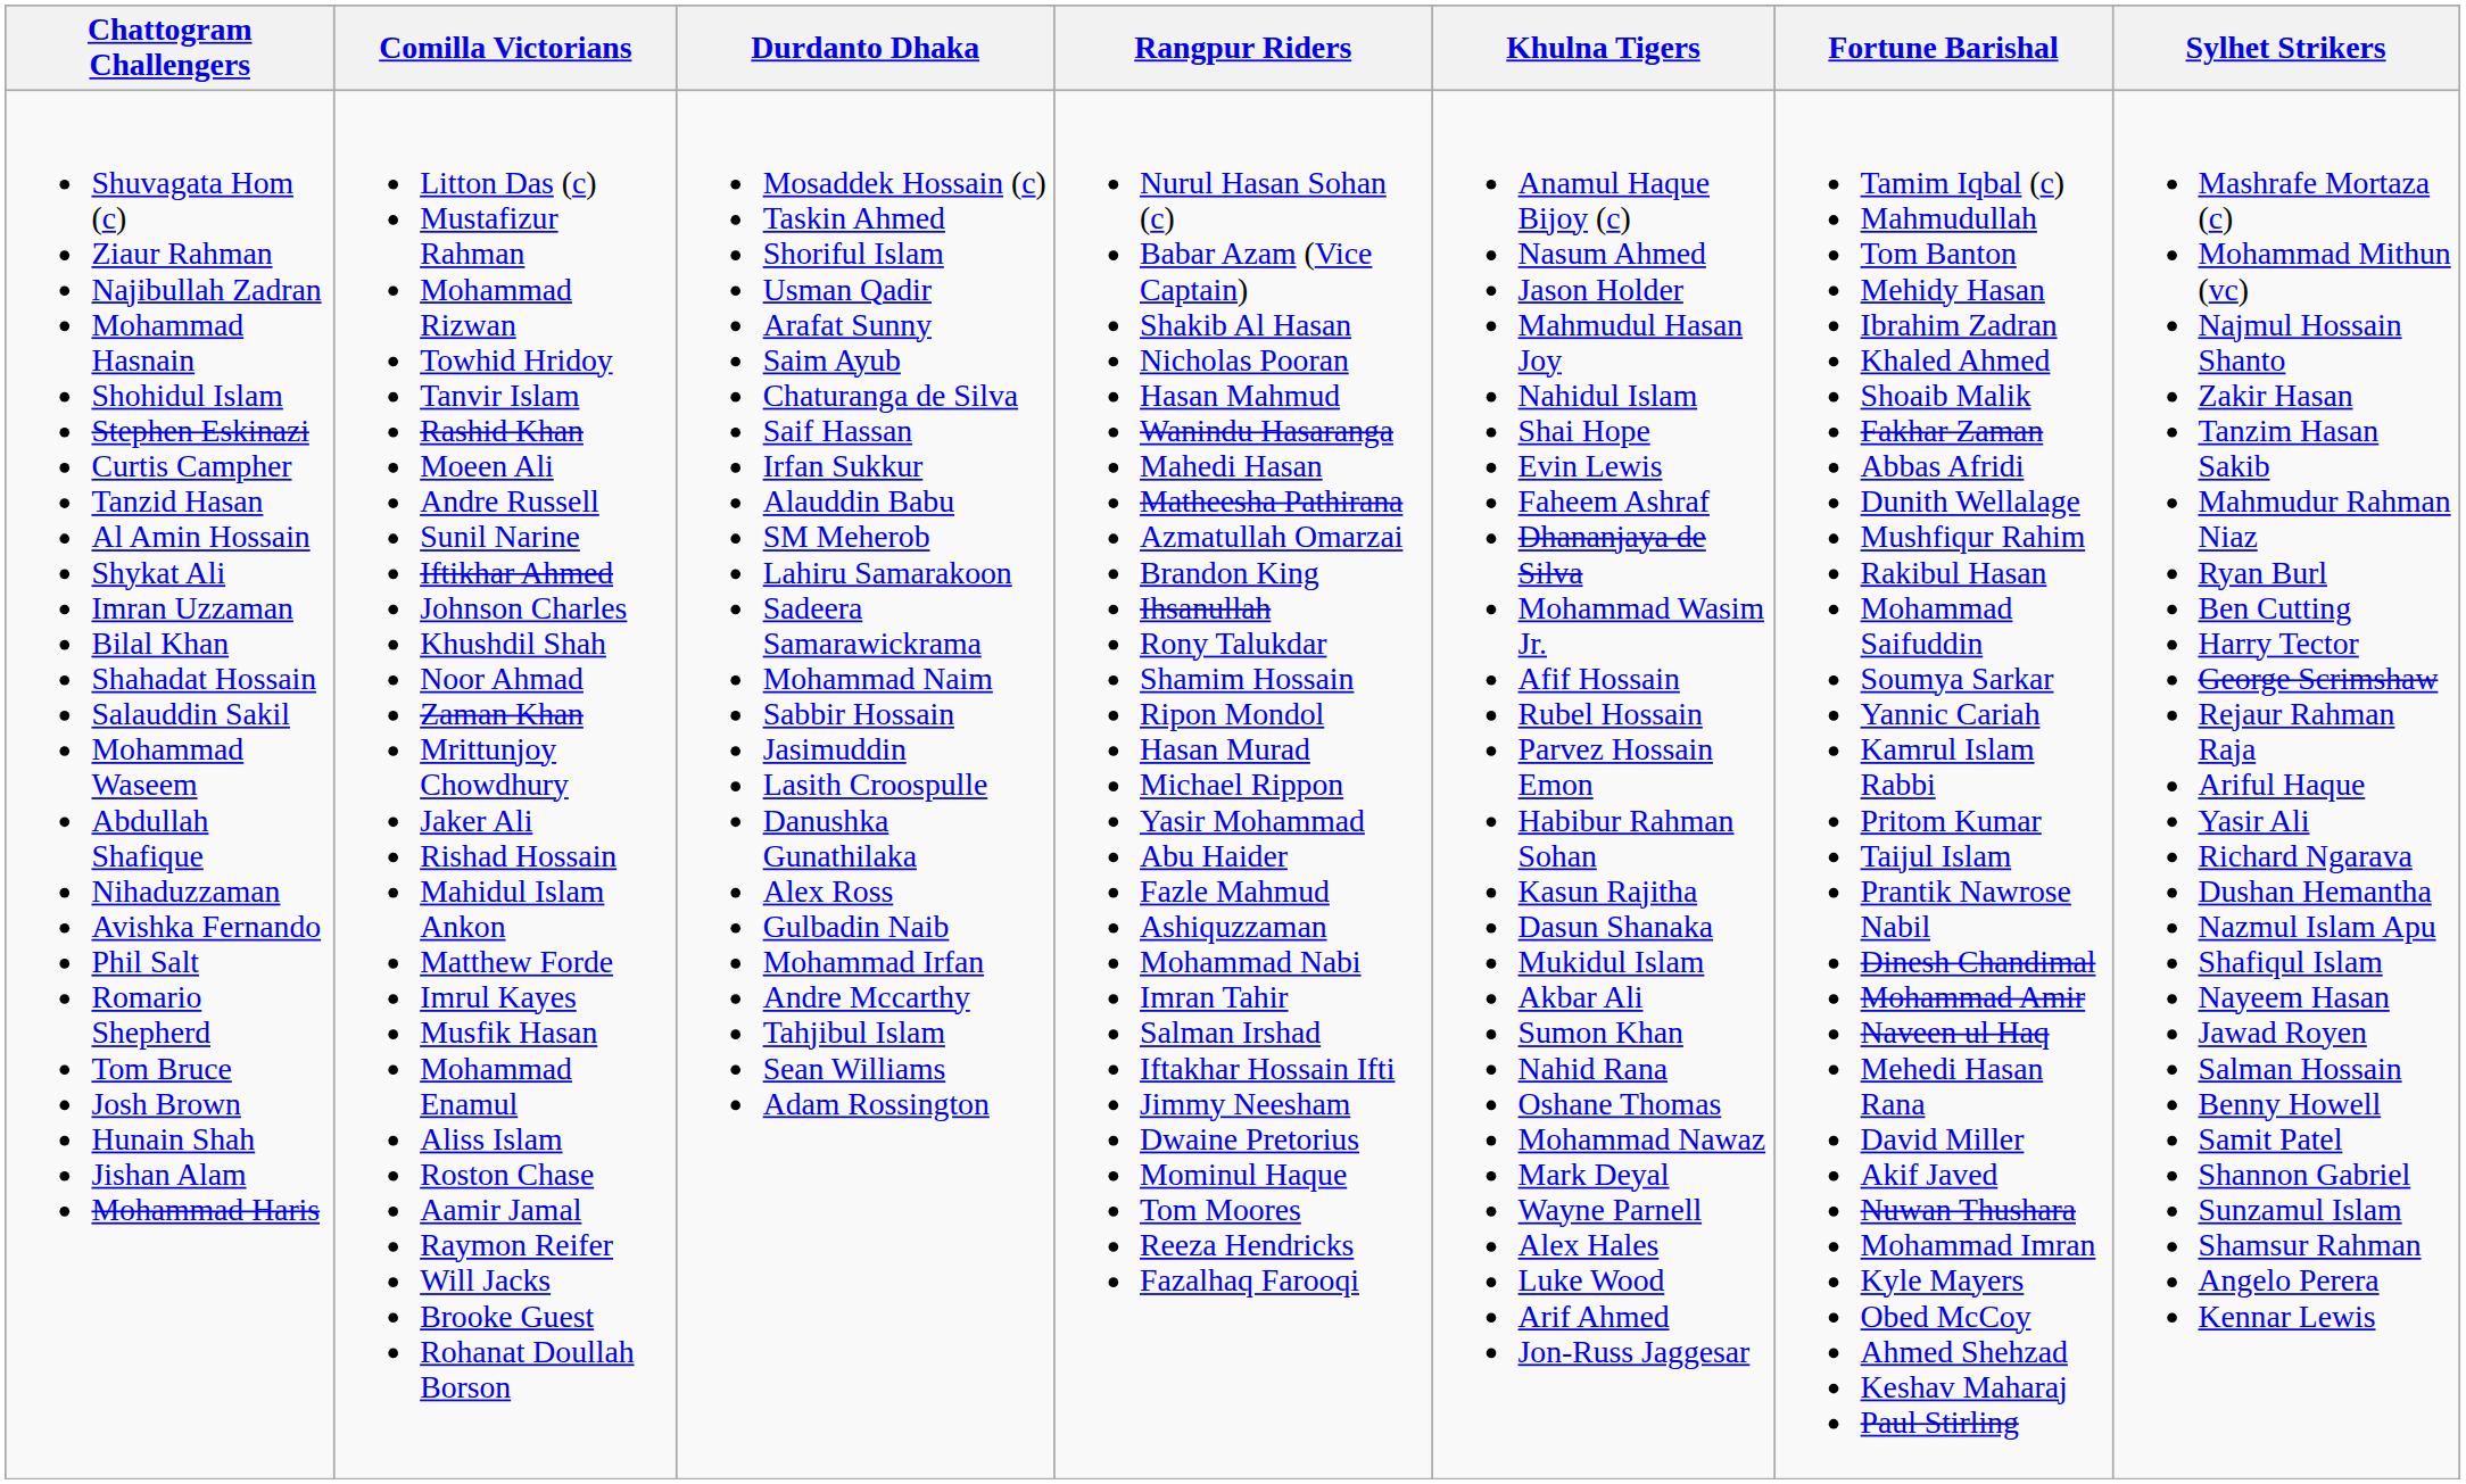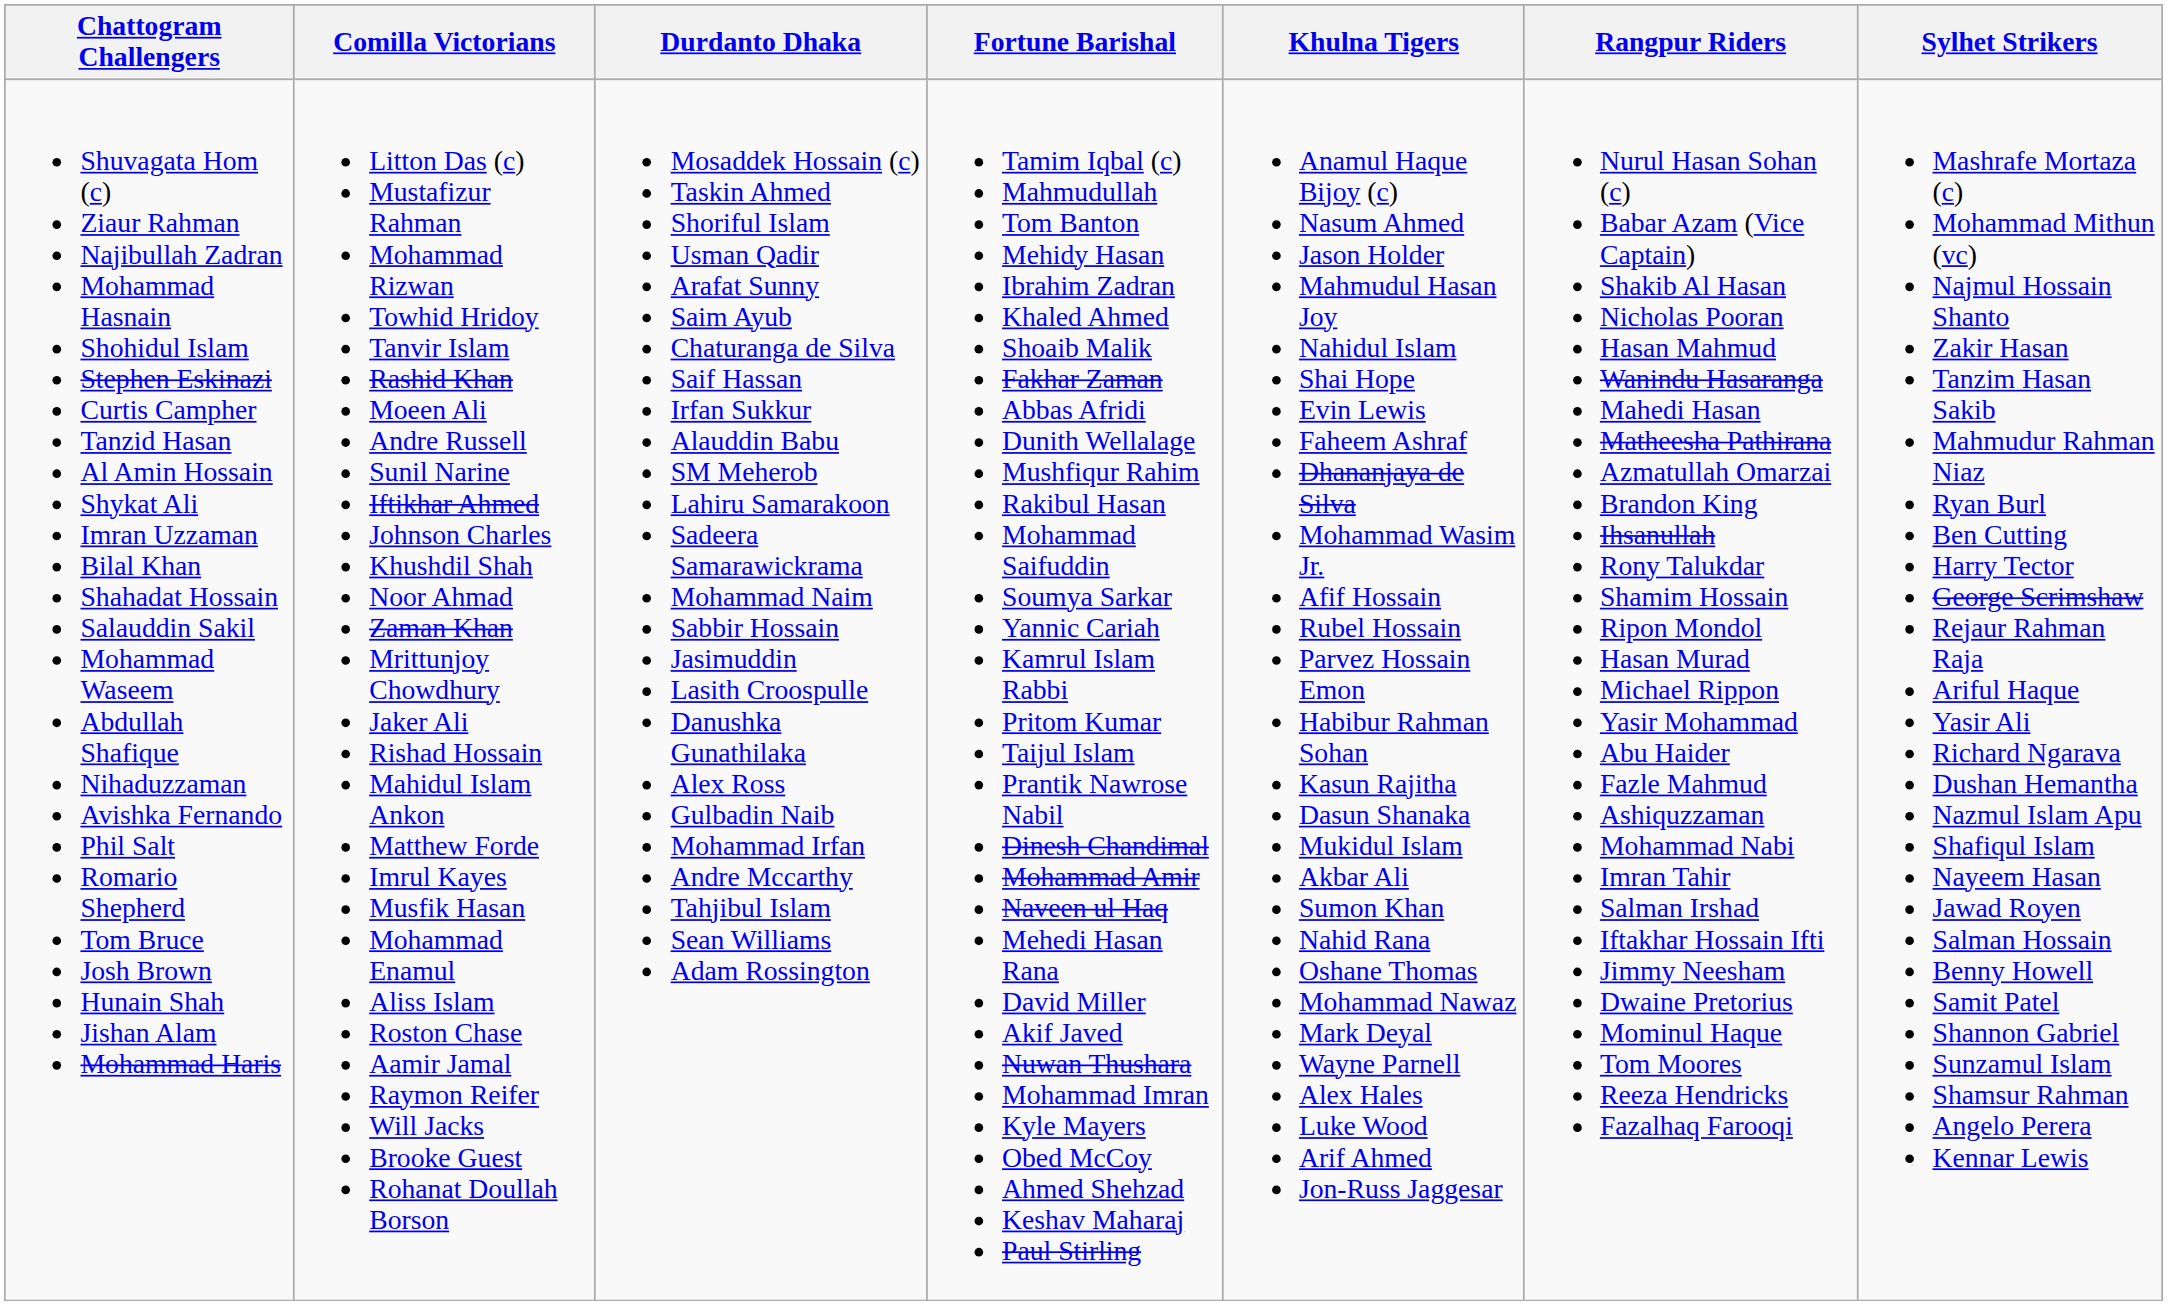 <table class="wikitable">
 <tr>
 <th><a href='#'>Chattogram Challengers</a></th>
 <th><a href='#'>Comilla Victorians</a></th>
 <th><a href='#'>Durdanto Dhaka</a></th>
+<th><a href='#'>Fortune Barishal</a></th>
+<th><a href='#'>Khulna Tigers</a></th>
 <th><a href='#'>Rangpur Riders</a></th>
-<th><a href='#'>Khulna Tigers</a></th>
-<th><a href='#'>Fortune Barishal</a></th>
 <th><a href='#'>Sylhet Strikers</a></th>
 </tr>
 <tr>
 <td valign=top><br><ul><li><a href='#'>Shuvagata Hom</a> (<a href='#'>c</a>)</li><li><a href='#'>Ziaur Rahman</a></li><li><a href='#'>Najibullah Zadran</a></li><li><a href='#'>Mohammad Hasnain</a></li><li><a href='#'>Shohidul Islam</a></li><li><a href='#'><s>Stephen Eskinazi</s></a></li><li><a href='#'>Curtis Campher</a></li><li><a href='#'>Tanzid Hasan</a></li><li><a href='#'>Al Amin Hossain</a></li><li><a href='#'>Shykat Ali</a></li><li><a href='#'>Imran Uzzaman</a></li><li><a href='#'>Bilal Khan</a></li><li><a href='#'>Shahadat Hossain</a></li><li><a href='#'>Salauddin Sakil</a></li><li><a href='#'>Mohammad Waseem</a></li><li><a href='#'>Abdullah Shafique</a></li><li><a href='#'>Nihaduzzaman</a></li><li><a href='#'>Avishka Fernando</a></li><li><a href='#'>Phil Salt</a></li><li><a href='#'>Romario Shepherd</a></li><li><a href='#'>Tom Bruce</a></li><li><a href='#'>Josh Brown</a></li><li><a href='#'>Hunain Shah</a></li><li><a href='#'>Jishan Alam</a></li><li><a href='#'><s>Mohammad Haris</s></a></li></ul></td>
 <td valign=top><br><ul><li><a href='#'>Litton Das</a> (<a href='#'>c</a>)</li><li><a href='#'>Mustafizur Rahman</a></li><li><a href='#'>Mohammad Rizwan</a></li><li><a href='#'>Towhid Hridoy</a></li><li><a href='#'>Tanvir Islam</a></li><li><a href='#'><s>Rashid Khan</s></a></li><li><a href='#'>Moeen Ali</a></li><li><a href='#'>Andre Russell</a></li><li><a href='#'>Sunil Narine</a></li><li><a href='#'><s>Iftikhar Ahmed</s></a></li><li><a href='#'>Johnson Charles</a></li><li><a href='#'>Khushdil Shah</a></li><li><a href='#'>Noor Ahmad</a></li><li><a href='#'><s>Zaman Khan</s></a></li><li><a href='#'>Mrittunjoy Chowdhury</a></li><li><a href='#'>Jaker Ali</a></li><li><a href='#'>Rishad Hossain</a></li><li><a href='#'>Mahidul Islam Ankon</a></li><li><a href='#'>Matthew Forde</a></li><li><a href='#'>Imrul Kayes</a></li><li><a href='#'>Musfik Hasan</a></li><li><a href='#'>Mohammad Enamul</a></li><li><a href='#'>Aliss Islam</a></li><li><a href='#'>Roston Chase</a></li><li><a href='#'>Aamir Jamal</a></li><li><a href='#'>Raymon Reifer</a></li><li><a href='#'>Will Jacks</a></li><li><a href='#'>Brooke Guest</a></li><li><a href='#'>Rohanat Doullah Borson</a></li></ul></td>
 <td valign=top><br><ul><li><a href='#'>Mosaddek Hossain</a> (<a href='#'>c</a>)</li><li><a href='#'>Taskin Ahmed</a></li><li><a href='#'>Shoriful Islam</a></li><li><a href='#'>Usman Qadir</a></li><li><a href='#'>Arafat Sunny</a></li><li><a href='#'>Saim Ayub</a></li><li><a href='#'>Chaturanga de Silva</a></li><li><a href='#'>Saif Hassan</a></li><li><a href='#'>Irfan Sukkur</a></li><li><a href='#'>Alauddin Babu</a></li><li><a href='#'>SM Meherob</a></li><li><a href='#'>Lahiru Samarakoon</a></li><li><a href='#'>Sadeera Samarawickrama</a></li><li><a href='#'>Mohammad Naim</a></li><li><a href='#'>Sabbir Hossain</a></li><li><a href='#'>Jasimuddin</a></li><li><a href='#'>Lasith Croospulle</a></li><li><a href='#'>Danushka Gunathilaka</a></li><li><a href='#'>Alex Ross</a></li><li><a href='#'>Gulbadin Naib</a></li><li><a href='#'>Mohammad Irfan</a></li><li><a href='#'>Andre Mccarthy</a></li><li><a href='#'>Tahjibul Islam</a></li><li><a href='#'>Sean Williams</a></li><li><a href='#'>Adam Rossington</a></li></ul></td>
+<td valign=top><br><ul><li><a href='#'>Tamim Iqbal</a> (<a href='#'>c</a>)</li><li><a href='#'>Mahmudullah</a></li><li><a href='#'>Tom Banton</a></li><li><a href='#'>Mehidy Hasan</a></li><li><a href='#'>Ibrahim Zadran</a></li><li><a href='#'>Khaled Ahmed</a></li><li><a href='#'>Shoaib Malik</a></li><li><a href='#'><s>Fakhar Zaman</s></a></li><li><a href='#'>Abbas Afridi</a></li><li><a href='#'>Dunith Wellalage</a></li><li><a href='#'>Mushfiqur Rahim</a></li><li><a href='#'>Rakibul Hasan</a></li><li><a href='#'>Mohammad Saifuddin</a></li><li><a href='#'>Soumya Sarkar</a></li><li><a href='#'>Yannic Cariah</a></li><li><a href='#'>Kamrul Islam Rabbi</a></li><li><a href='#'>Pritom Kumar</a></li><li><a href='#'>Taijul Islam</a></li><li><a href='#'>Prantik Nawrose Nabil</a></li><li><a href='#'><s>Dinesh Chandimal</s></a></li><li><a href='#'><s>Mohammad Amir</s></a></li><li><a href='#'><s>Naveen ul Haq</s></a></li><li><a href='#'>Mehedi Hasan Rana</a></li><li><a href='#'>David Miller</a></li><li><a href='#'>Akif Javed</a></li><li><a href='#'><s>Nuwan Thushara</s></a></li><li><a href='#'>Mohammad Imran</a></li><li><a href='#'>Kyle Mayers</a></li><li><a href='#'>Obed McCoy</a></li><li><a href='#'>Ahmed Shehzad</a></li><li><a href='#'>Keshav Maharaj</a></li><li><a href='#'><s>Paul Stirling</s></a></li></ul></td>
+<td valign=top><br><ul><li><a href='#'>Anamul Haque Bijoy</a> (<a href='#'>c</a>)</li><li><a href='#'>Nasum Ahmed</a></li><li><a href='#'>Jason Holder</a></li><li><a href='#'>Mahmudul Hasan Joy</a></li><li><a href='#'>Nahidul Islam</a></li><li><a href='#'>Shai Hope</a></li><li><a href='#'>Evin Lewis</a></li><li><a href='#'>Faheem Ashraf</a></li><li><a href='#'><s>Dhananjaya de Silva</s></a></li><li><a href='#'>Mohammad Wasim Jr.</a></li><li><a href='#'>Afif Hossain</a></li><li><a href='#'>Rubel Hossain</a></li><li><a href='#'>Parvez Hossain Emon</a></li><li><a href='#'>Habibur Rahman Sohan</a></li><li><a href='#'>Kasun Rajitha</a></li><li><a href='#'>Dasun Shanaka</a></li><li><a href='#'>Mukidul Islam</a></li><li><a href='#'>Akbar Ali</a></li><li><a href='#'>Sumon Khan</a></li><li><a href='#'>Nahid Rana</a></li><li><a href='#'>Oshane Thomas</a></li><li><a href='#'>Mohammad Nawaz</a></li><li><a href='#'>Mark Deyal</a></li><li><a href='#'>Wayne Parnell</a></li><li><a href='#'>Alex Hales</a></li><li><a href='#'>Luke Wood</a></li><li><a href='#'>Arif Ahmed</a></li><li><a href='#'>Jon-Russ Jaggesar</a></li></ul></td>
 <td valign=top><br><ul><li><a href='#'>Nurul Hasan Sohan</a>  (<a href='#'>c</a>)</li><li><a href='#'>Babar Azam</a> (<a href='#'>Vice Captain</a>)</li><li><a href='#'>Shakib Al Hasan</a></li><li><a href='#'>Nicholas Pooran</a></li><li><a href='#'>Hasan Mahmud</a></li><li><a href='#'><s>Wanindu Hasaranga</s></a></li><li><a href='#'>Mahedi Hasan</a></li><li><a href='#'><s>Matheesha Pathirana</s></a></li><li><a href='#'>Azmatullah Omarzai</a></li><li><a href='#'>Brandon King</a></li><li><a href='#'><s>Ihsanullah</s></a></li><li><a href='#'>Rony Talukdar</a></li><li><a href='#'>Shamim Hossain</a></li><li><a href='#'>Ripon Mondol</a></li><li><a href='#'>Hasan Murad</a></li><li><a href='#'>Michael Rippon</a></li><li><a href='#'>Yasir Mohammad</a></li><li><a href='#'>Abu Haider</a></li><li><a href='#'>Fazle Mahmud</a></li><li><a href='#'>Ashiquzzaman</a></li><li><a href='#'>Mohammad Nabi</a></li><li><a href='#'>Imran Tahir</a></li><li><a href='#'>Salman Irshad</a></li><li><a href='#'>Iftakhar Hossain Ifti</a></li><li><a href='#'>Jimmy Neesham</a></li><li><a href='#'>Dwaine Pretorius</a></li><li><a href='#'>Mominul Haque</a></li><li><a href='#'>Tom Moores</a></li><li><a href='#'>Reeza Hendricks</a></li><li><a href='#'>Fazalhaq Farooqi</a></li></ul></td>
-<td valign=top><br><ul><li><a href='#'>Anamul Haque Bijoy</a> (<a href='#'>c</a>)</li><li><a href='#'>Nasum Ahmed</a></li><li><a href='#'>Jason Holder</a></li><li><a href='#'>Mahmudul Hasan Joy</a></li><li><a href='#'>Nahidul Islam</a></li><li><a href='#'>Shai Hope</a></li><li><a href='#'>Evin Lewis</a></li><li><a href='#'>Faheem Ashraf</a></li><li><a href='#'><s>Dhananjaya de Silva</s></a></li><li><a href='#'>Mohammad Wasim Jr.</a></li><li><a href='#'>Afif Hossain</a></li><li><a href='#'>Rubel Hossain</a></li><li><a href='#'>Parvez Hossain Emon</a></li><li><a href='#'>Habibur Rahman Sohan</a></li><li><a href='#'>Kasun Rajitha</a></li><li><a href='#'>Dasun Shanaka</a></li><li><a href='#'>Mukidul Islam</a></li><li><a href='#'>Akbar Ali</a></li><li><a href='#'>Sumon Khan</a></li><li><a href='#'>Nahid Rana</a></li><li><a href='#'>Oshane Thomas</a></li><li><a href='#'>Mohammad Nawaz</a></li><li><a href='#'>Mark Deyal</a></li><li><a href='#'>Wayne Parnell</a></li><li><a href='#'>Alex Hales</a></li><li><a href='#'>Luke Wood</a></li><li><a href='#'>Arif Ahmed</a></li><li><a href='#'>Jon-Russ Jaggesar</a></li></ul></td>
-<td valign=top><br><ul><li><a href='#'>Tamim Iqbal</a> (<a href='#'>c</a>)</li><li><a href='#'>Mahmudullah</a></li><li><a href='#'>Tom Banton</a></li><li><a href='#'>Mehidy Hasan</a></li><li><a href='#'>Ibrahim Zadran</a></li><li><a href='#'>Khaled Ahmed</a></li><li><a href='#'>Shoaib Malik</a></li><li><a href='#'><s>Fakhar Zaman</s></a></li><li><a href='#'>Abbas Afridi</a></li><li><a href='#'>Dunith Wellalage</a></li><li><a href='#'>Mushfiqur Rahim</a></li><li><a href='#'>Rakibul Hasan</a></li><li><a href='#'>Mohammad Saifuddin</a></li><li><a href='#'>Soumya Sarkar</a></li><li><a href='#'>Yannic Cariah</a></li><li><a href='#'>Kamrul Islam Rabbi</a></li><li><a href='#'>Pritom Kumar</a></li><li><a href='#'>Taijul Islam</a></li><li><a href='#'>Prantik Nawrose Nabil</a></li><li><a href='#'><s>Dinesh Chandimal</s></a></li><li><a href='#'><s>Mohammad Amir</s></a></li><li><a href='#'><s>Naveen ul Haq</s></a></li><li><a href='#'>Mehedi Hasan Rana</a></li><li><a href='#'>David Miller</a></li><li><a href='#'>Akif Javed</a></li><li><a href='#'><s>Nuwan Thushara</s></a></li><li><a href='#'>Mohammad Imran</a></li><li><a href='#'>Kyle Mayers</a></li><li><a href='#'>Obed McCoy</a></li><li><a href='#'>Ahmed Shehzad</a></li><li><a href='#'>Keshav Maharaj</a></li><li><a href='#'><s>Paul Stirling</s></a></li></ul></td>
 <td valign=top><br><ul><li><a href='#'>Mashrafe Mortaza</a> (<a href='#'>c</a>)</li><li><a href='#'>Mohammad Mithun</a> (<a href='#'>vc</a>)</li><li><a href='#'>Najmul Hossain Shanto</a></li><li><a href='#'>Zakir Hasan</a></li><li><a href='#'>Tanzim Hasan Sakib</a></li><li><a href='#'>Mahmudur Rahman Niaz</a></li><li><a href='#'>Ryan Burl</a></li><li><a href='#'>Ben Cutting</a></li><li><a href='#'>Harry Tector</a></li><li><a href='#'><s>George Scrimshaw</s></a></li><li><a href='#'>Rejaur Rahman Raja</a></li><li><a href='#'>Ariful Haque</a></li><li><a href='#'>Yasir Ali</a></li><li><a href='#'>Richard Ngarava</a></li><li><a href='#'>Dushan Hemantha</a></li><li><a href='#'>Nazmul Islam Apu</a></li><li><a href='#'>Shafiqul Islam</a></li><li><a href='#'>Nayeem Hasan</a></li><li><a href='#'>Jawad Royen</a></li><li><a href='#'>Salman Hossain</a></li><li><a href='#'>Benny Howell</a></li><li><a href='#'>Samit Patel</a></li><li><a href='#'>Shannon Gabriel</a></li><li><a href='#'>Sunzamul Islam</a></li><li><a href='#'>Shamsur Rahman</a></li><li><a href='#'>Angelo Perera</a></li><li><a href='#'>Kennar Lewis</a></li></ul></td>
 </tr>
 </table>
